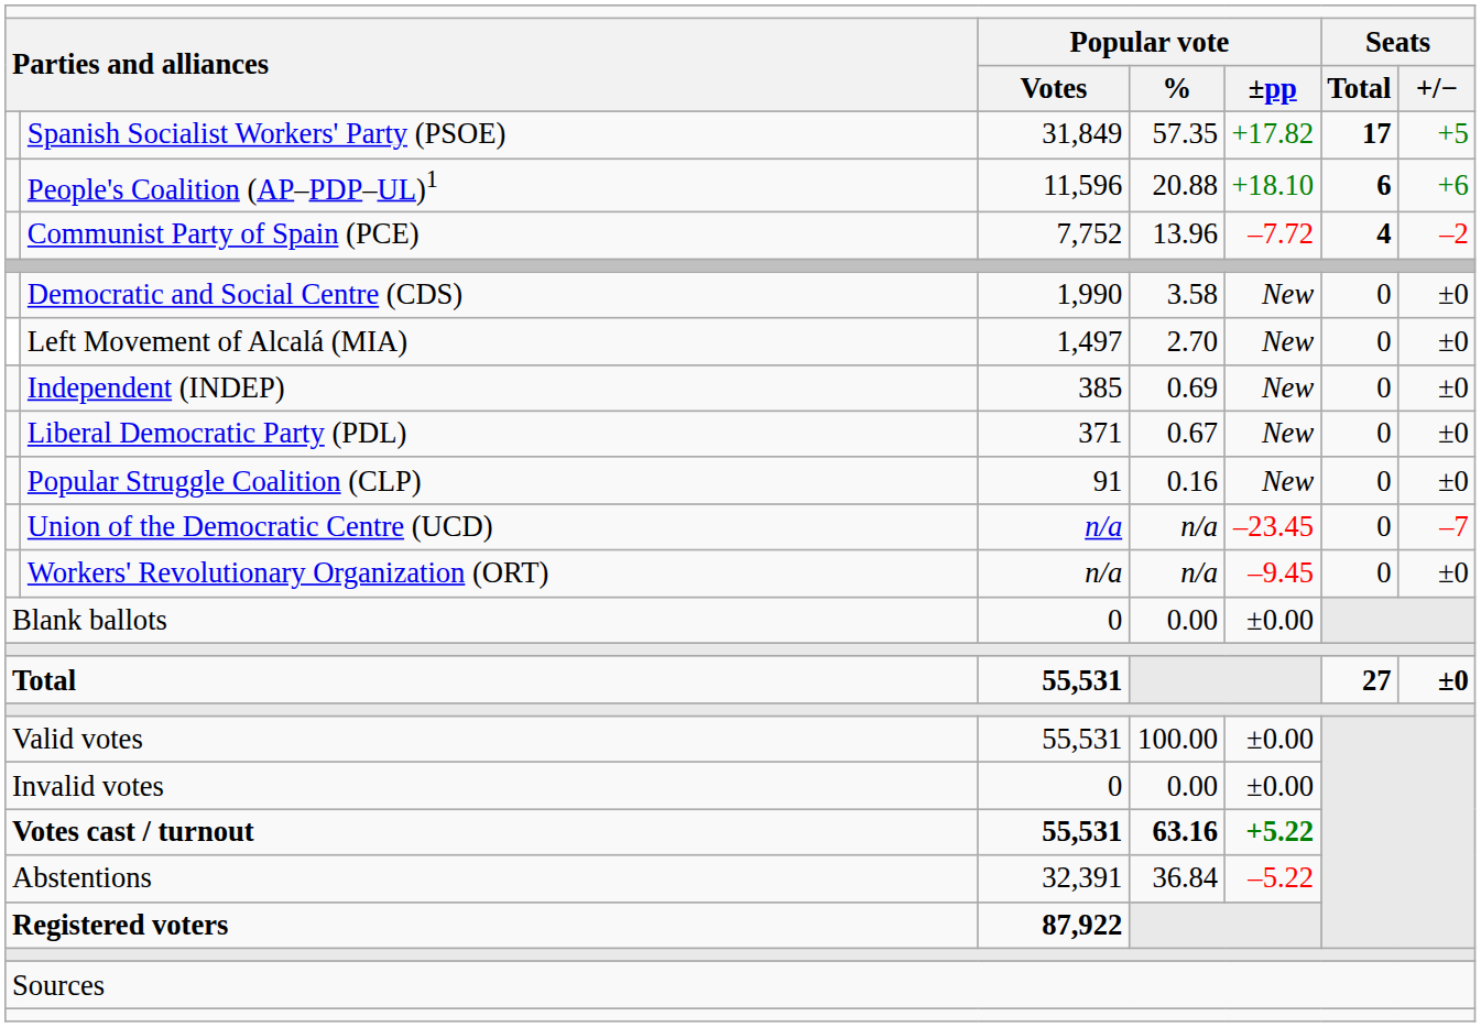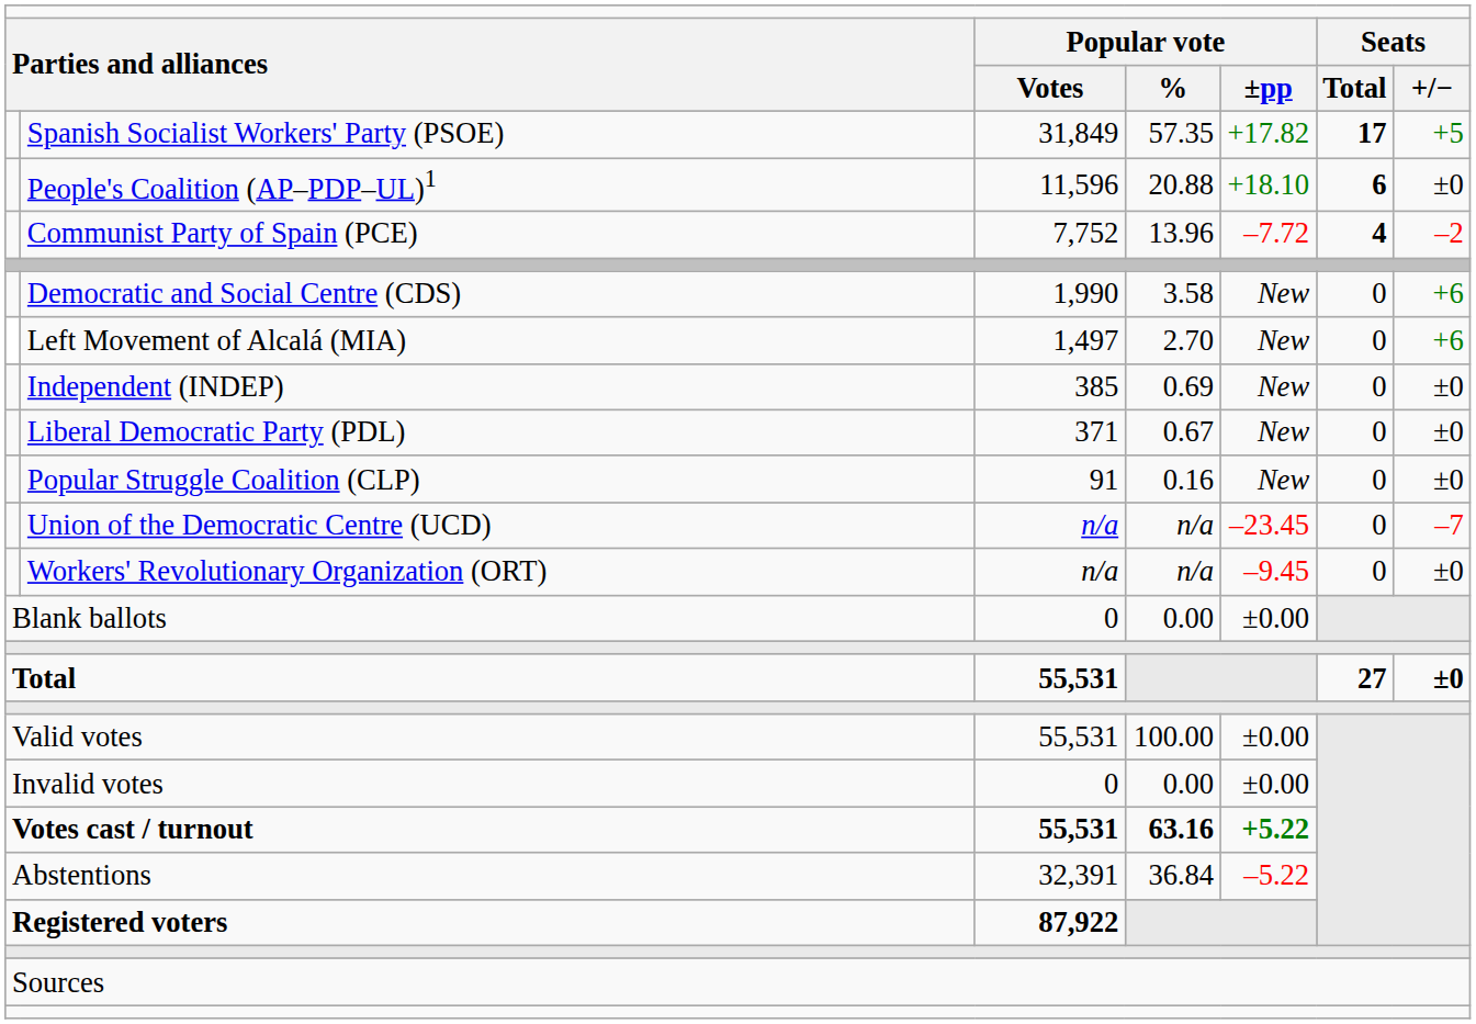 <table class="wikitable" style="text-align:right;">
 <tr>
 <td colspan="7"></td>
 </tr>
 <tr>
 <th style="text-align:left;" rowspan="2" colspan="2" width="525">Parties and alliances</th>
 <th colspan="3">Popular vote</th>
 <th colspan="2">Seats</th>
 </tr>
 <tr>
 <th width="75">Votes</th>
 <th width="45">%</th>
 <th width="45">±<a href='#'>pp</a></th>
 <th width="35">Total</th>
 <th width="35">+/−</th>
 </tr>
 <tr>
 <td width="1" style="color:inherit;background:"></td>
 <td align="left"><a href='#'>Spanish Socialist Workers' Party</a> (PSOE)</td>
 <td>31,849</td>
 <td>57.35</td>
 <td style="color:green;">+17.82</td>
 <td><strong>17</strong></td>
 <td style="color:green;">+5</td>
 </tr>
 <tr>
 <td style="color:inherit;background:"></td>
 <td align="left"><a href='#'>People's Coalition</a> (<a href='#'>AP</a>–<a href='#'>PDP</a>–<a href='#'>UL</a>)<sup>1</sup></td>
 <td>11,596</td>
 <td>20.88</td>
 <td style="color:green;">+18.10</td>
 <td><strong>6</strong></td>
-<td style="color:green;">+6</td>
+<td>±0</td>
 </tr>
 <tr>
 <td style="color:inherit;background:"></td>
 <td align="left"><a href='#'>Communist Party of Spain</a> (PCE)</td>
 <td>7,752</td>
 <td>13.96</td>
 <td style="color:red;">–7.72</td>
 <td><strong>4</strong></td>
 <td style="color:red;">–2</td>
 </tr>
 <tr>
 <td colspan="7" bgcolor="#C0C0C0"></td>
 </tr>
 <tr>
 <td style="color:inherit;background:"></td>
 <td align="left"><a href='#'>Democratic and Social Centre</a> (CDS)</td>
 <td>1,990</td>
 <td>3.58</td>
 <td><em>New</em></td>
 <td>0</td>
-<td>±0</td>
+<td style="color:green;">+6</td>
 </tr>
 <tr>
 <td bgcolor="white"></td>
 <td align="left">Left Movement of Alcalá (MIA)</td>
 <td>1,497</td>
 <td>2.70</td>
 <td><em>New</em></td>
 <td>0</td>
-<td>±0</td>
+<td style="color:green;">+6</td>
 </tr>
 <tr>
 <td style="color:inherit;background:"></td>
 <td align="left"><a href='#'>Independent</a> (INDEP)</td>
 <td>385</td>
 <td>0.69</td>
 <td><em>New</em></td>
 <td>0</td>
 <td>±0</td>
 </tr>
 <tr>
 <td style="color:inherit;background:"></td>
 <td align="left"><a href='#'>Liberal Democratic Party</a> (PDL)</td>
 <td>371</td>
 <td>0.67</td>
 <td><em>New</em></td>
 <td>0</td>
 <td>±0</td>
 </tr>
 <tr>
 <td style="color:inherit;background:"></td>
 <td align="left"><a href='#'>Popular Struggle Coalition</a> (CLP)</td>
 <td>91</td>
 <td>0.16</td>
 <td><em>New</em></td>
 <td>0</td>
 <td>±0</td>
 </tr>
 <tr>
 <td style="color:inherit;background:"></td>
 <td align="left"><a href='#'>Union of the Democratic Centre</a> (UCD)</td>
 <td><em><a href='#'>n/a</a></em></td>
 <td><em>n/a</em></td>
 <td style="color:red;">–23.45</td>
 <td>0</td>
 <td style="color:red;">–7</td>
 </tr>
 <tr>
 <td style="color:inherit;background:"></td>
 <td align="left"><a href='#'>Workers' Revolutionary Organization</a> (ORT)</td>
 <td><em>n/a</em></td>
 <td><em>n/a</em></td>
 <td style="color:red;">–9.45</td>
 <td>0</td>
 <td>±0</td>
 </tr>
 <tr>
 <td align="left" colspan="2">Blank ballots</td>
 <td>0</td>
 <td>0.00</td>
 <td>±0.00</td>
 <td bgcolor="#E9E9E9" colspan="2"></td>
 </tr>
 <tr>
 <td colspan="7" bgcolor="#E9E9E9"></td>
 </tr>
 <tr style="font-weight:bold;">
 <td align="left" colspan="2">Total</td>
 <td>55,531</td>
 <td bgcolor="#E9E9E9" colspan="2"></td>
 <td>27</td>
 <td>±0</td>
 </tr>
 <tr>
 <td colspan="7" bgcolor="#E9E9E9"></td>
 </tr>
 <tr>
 <td align="left" colspan="2">Valid votes</td>
 <td>55,531</td>
 <td>100.00</td>
 <td>±0.00</td>
 <td bgcolor="#E9E9E9" colspan="2" rowspan="5"></td>
 </tr>
 <tr>
 <td align="left" colspan="2">Invalid votes</td>
 <td>0</td>
 <td>0.00</td>
 <td>±0.00</td>
 </tr>
 <tr style="font-weight:bold;">
 <td align="left" colspan="2">Votes cast / turnout</td>
 <td>55,531</td>
 <td>63.16</td>
 <td style="color:green;">+5.22</td>
 </tr>
 <tr>
 <td align="left" colspan="2">Abstentions</td>
 <td>32,391</td>
 <td>36.84</td>
 <td style="color:red;">–5.22</td>
 </tr>
 <tr style="font-weight:bold;">
 <td align="left" colspan="2">Registered voters</td>
 <td>87,922</td>
 <td bgcolor="#E9E9E9" colspan="2"></td>
 </tr>
 <tr>
 <td colspan="7" bgcolor="#E9E9E9"></td>
 </tr>
 <tr>
 <td align="left" colspan="7">Sources</td>
 </tr>
 <tr>
 <td colspan="7" style="text-align:left; max-width:790px;"></td>
 </tr>
 </table>
